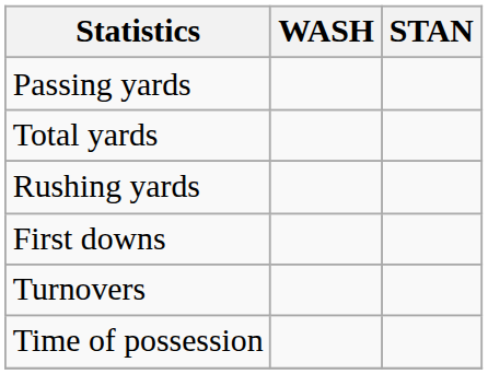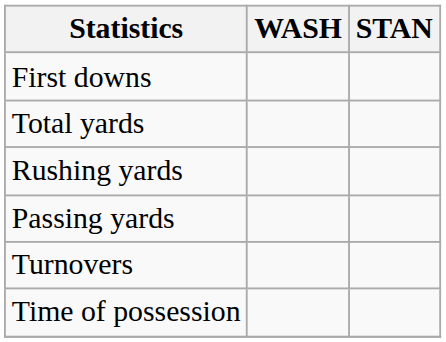 <table class="wikitable" style="float: left;">
 <tr>
 <th>Statistics</th>
 <th>WASH</th>
 <th>STAN</th>
 </tr>
 <tr>
-<td>Passing yards</td>
+<td>First downs</td>
 <td></td>
 <td></td>
 </tr>
 <tr>
 <td>Total yards</td>
 <td></td>
 <td></td>
 </tr>
 <tr>
 <td>Rushing yards</td>
 <td></td>
 <td></td>
 </tr>
 <tr>
-<td>First downs</td>
+<td>Passing yards</td>
 <td></td>
 <td></td>
 </tr>
 <tr>
 <td>Turnovers</td>
 <td></td>
 <td></td>
 </tr>
 <tr>
 <td>Time of possession</td>
 <td></td>
 <td></td>
 </tr>
 <tr>
 </tr>
 </table>
